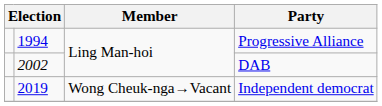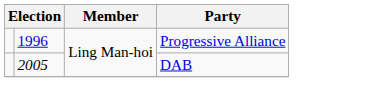 <table class="wikitable">
 <tr>
 <th colspan="2">Election</th>
 <th>Member</th>
 <th>Party</th>
 </tr>
 <tr>
 <td style="color:inherit;background:"></td>
-<td><a href='#'>1994</a></td>
+<td><a href='#'>1996</a></td>
 <td rowspan=2>Ling Man-hoi</td>
 <td><a href='#'>Progressive Alliance</a></td>
 </tr>
 <tr>
 <td style="color:inherit;background:"></td>
-<td><em>2002</em></td>
+<td><em>2005</em></td>
 <td><a href='#'>DAB</a></td>
-</tr>
-<tr>
-<td style="color:inherit;background:"></td>
-<td><a href='#'>2019</a></td>
-<td>Wong Cheuk-nga→Vacant</td>
-<td><a href='#'>Independent democrat</a></td>
 </tr>
 <tr>
 </tr>
 </table>
